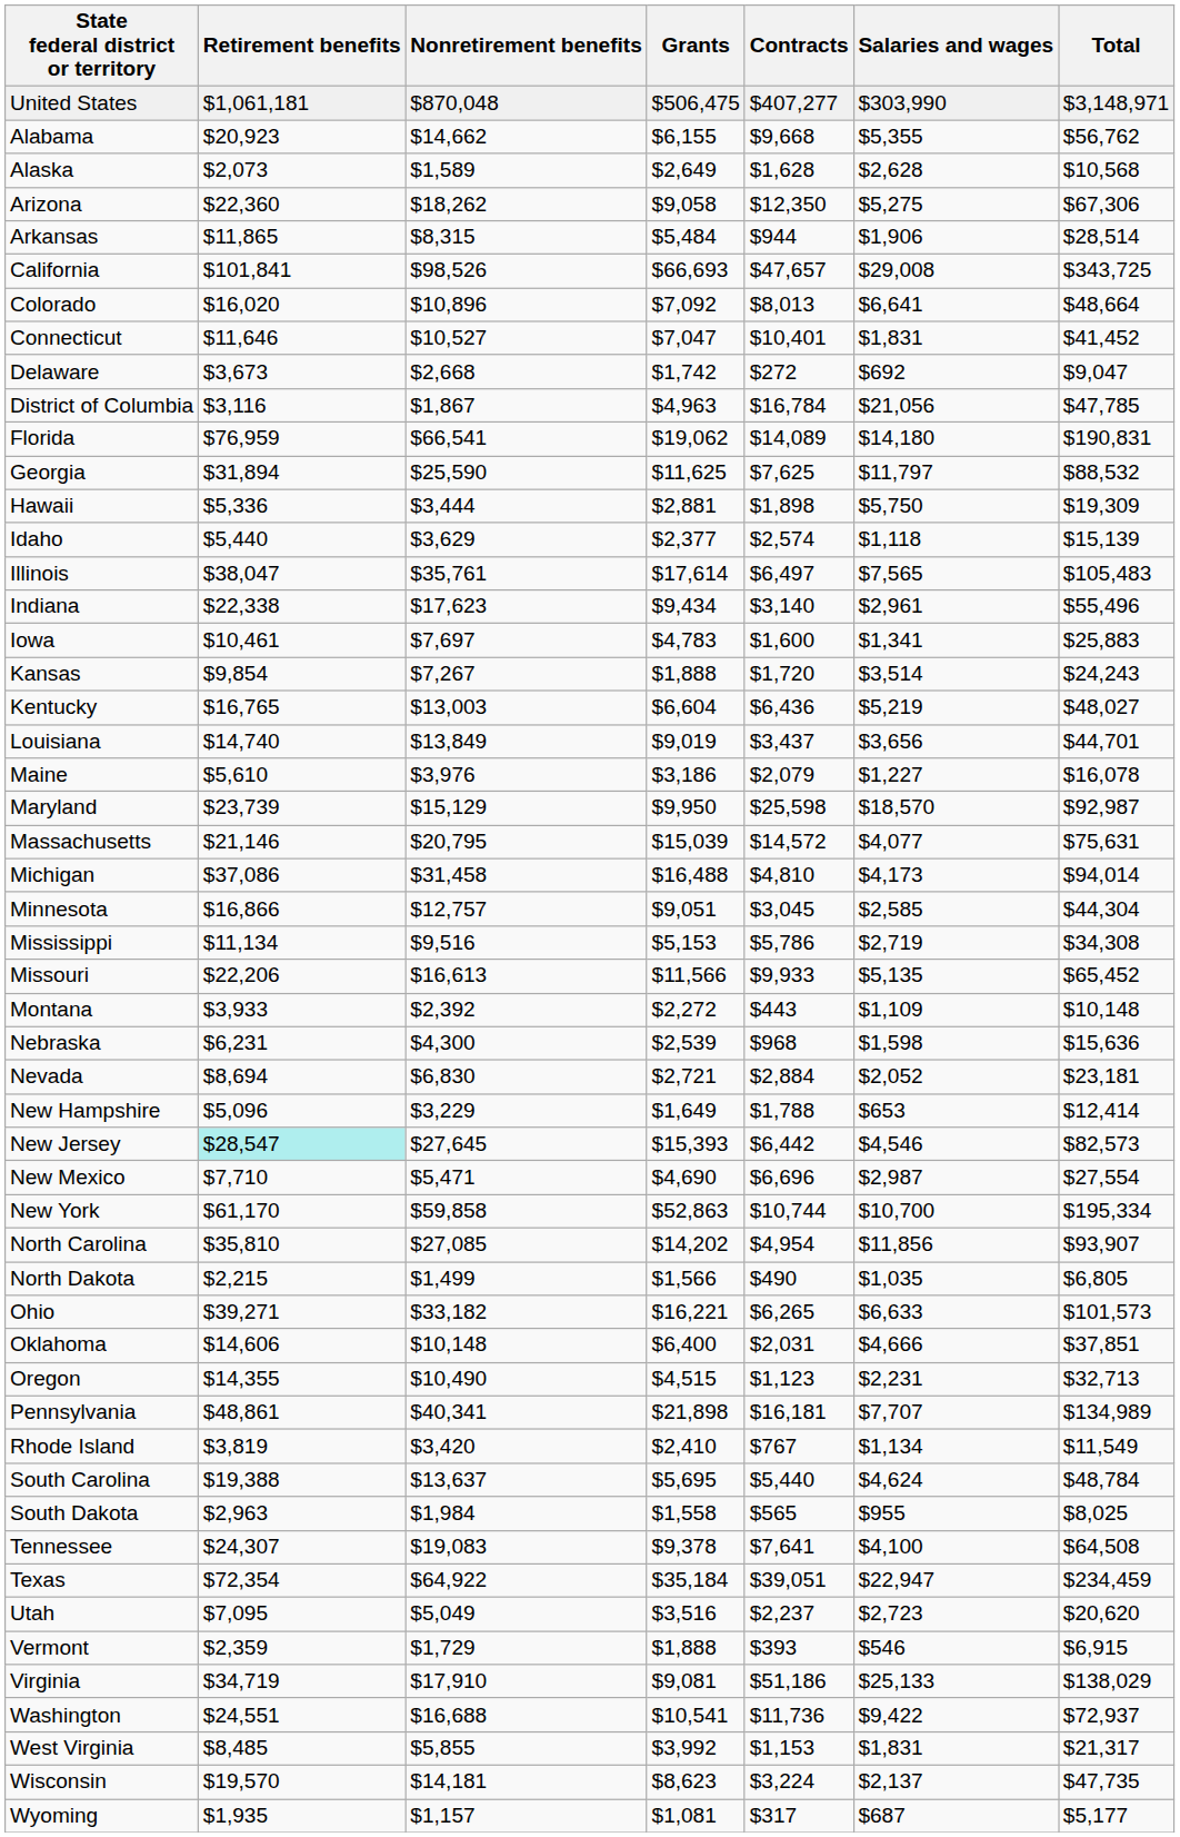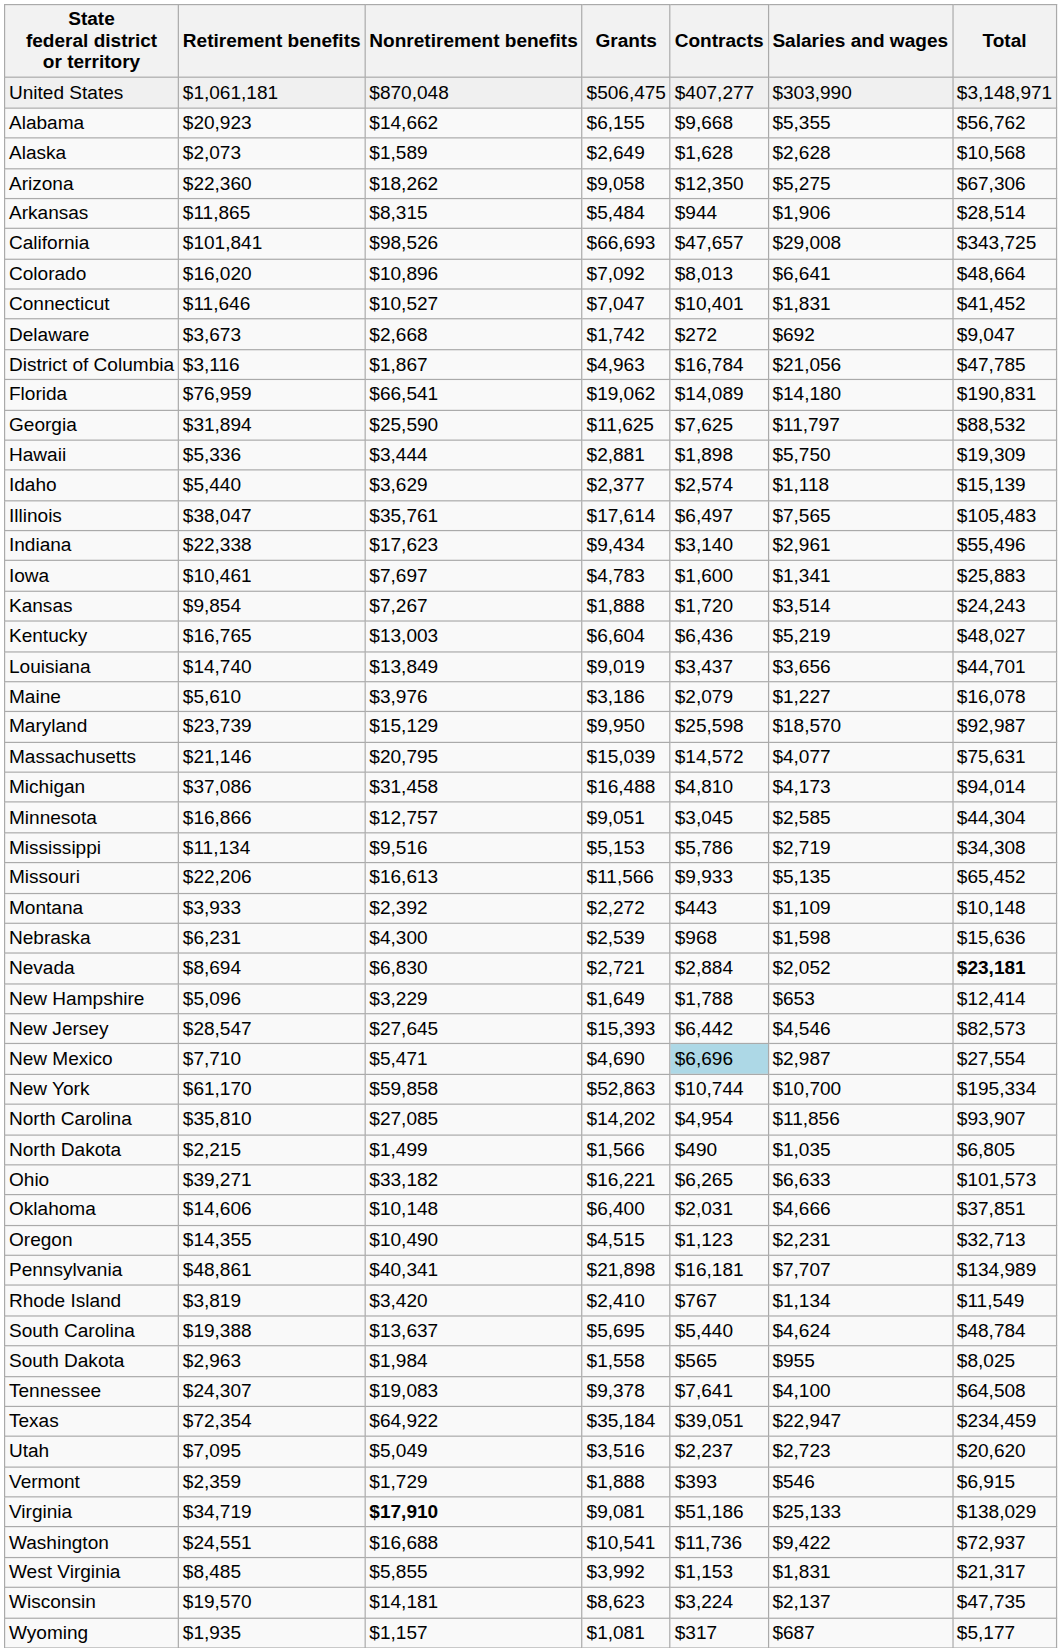 <table class="wikitable sortable">
 <tr>
 <th>State<br>federal district<br> or territory</th>
 <th>Retirement benefits</th>
 <th>Nonretirement benefits</th>
 <th>Grants</th>
 <th>Contracts</th>
 <th>Salaries and wages</th>
 <th>Total</th>
 </tr>
 <tr style="background:#f0f0f0">
 <td>United States</td>
 <td>$1,061,181</td>
 <td>$870,048</td>
 <td>$506,475</td>
 <td>$407,277</td>
 <td>$303,990</td>
 <td>$3,148,971</td>
 </tr>
 <tr>
 <td>Alabama</td>
 <td>$20,923</td>
 <td>$14,662</td>
 <td>$6,155</td>
 <td>$9,668</td>
 <td>$5,355</td>
 <td>$56,762</td>
 </tr>
 <tr>
 <td>Alaska</td>
 <td>$2,073</td>
 <td>$1,589</td>
 <td>$2,649</td>
 <td>$1,628</td>
 <td>$2,628</td>
 <td>$10,568</td>
 </tr>
 <tr>
 <td>Arizona</td>
 <td>$22,360</td>
 <td>$18,262</td>
 <td>$9,058</td>
 <td>$12,350</td>
 <td>$5,275</td>
 <td>$67,306</td>
 </tr>
 <tr>
 <td>Arkansas</td>
 <td>$11,865</td>
 <td>$8,315</td>
 <td>$5,484</td>
 <td>$944</td>
 <td>$1,906</td>
 <td>$28,514</td>
 </tr>
 <tr>
 <td>California</td>
 <td>$101,841</td>
 <td>$98,526</td>
 <td>$66,693</td>
 <td>$47,657</td>
 <td>$29,008</td>
 <td>$343,725</td>
 </tr>
 <tr>
 <td>Colorado</td>
 <td>$16,020</td>
 <td>$10,896</td>
 <td>$7,092</td>
 <td>$8,013</td>
 <td>$6,641</td>
 <td>$48,664</td>
 </tr>
 <tr>
 <td>Connecticut</td>
 <td>$11,646</td>
 <td>$10,527</td>
 <td>$7,047</td>
 <td>$10,401</td>
 <td>$1,831</td>
 <td>$41,452</td>
 </tr>
 <tr>
 <td>Delaware</td>
 <td>$3,673</td>
 <td>$2,668</td>
 <td>$1,742</td>
 <td>$272</td>
 <td>$692</td>
 <td>$9,047</td>
 </tr>
 <tr>
 <td>District of Columbia</td>
 <td>$3,116</td>
 <td>$1,867</td>
 <td>$4,963</td>
 <td>$16,784</td>
 <td>$21,056</td>
 <td>$47,785</td>
 </tr>
 <tr>
 <td>Florida</td>
 <td>$76,959</td>
 <td>$66,541</td>
 <td>$19,062</td>
 <td>$14,089</td>
 <td>$14,180</td>
 <td>$190,831</td>
 </tr>
 <tr>
 <td>Georgia</td>
 <td>$31,894</td>
 <td>$25,590</td>
 <td>$11,625</td>
 <td>$7,625</td>
 <td>$11,797</td>
 <td>$88,532</td>
 </tr>
 <tr>
 <td>Hawaii</td>
 <td>$5,336</td>
 <td>$3,444</td>
 <td>$2,881</td>
 <td>$1,898</td>
 <td>$5,750</td>
 <td>$19,309</td>
 </tr>
 <tr>
 <td>Idaho</td>
 <td>$5,440</td>
 <td>$3,629</td>
 <td>$2,377</td>
 <td>$2,574</td>
 <td>$1,118</td>
 <td>$15,139</td>
 </tr>
 <tr>
 <td>Illinois</td>
 <td>$38,047</td>
 <td>$35,761</td>
 <td>$17,614</td>
 <td>$6,497</td>
 <td>$7,565</td>
 <td>$105,483</td>
 </tr>
 <tr>
 <td>Indiana</td>
 <td>$22,338</td>
 <td>$17,623</td>
 <td>$9,434</td>
 <td>$3,140</td>
 <td>$2,961</td>
 <td>$55,496</td>
 </tr>
 <tr>
 <td>Iowa</td>
 <td>$10,461</td>
 <td>$7,697</td>
 <td>$4,783</td>
 <td>$1,600</td>
 <td>$1,341</td>
 <td>$25,883</td>
 </tr>
 <tr>
 <td>Kansas</td>
 <td>$9,854</td>
 <td>$7,267</td>
 <td>$1,888</td>
 <td>$1,720</td>
 <td>$3,514</td>
 <td>$24,243</td>
 </tr>
 <tr>
 <td>Kentucky</td>
 <td>$16,765</td>
 <td>$13,003</td>
 <td>$6,604</td>
 <td>$6,436</td>
 <td>$5,219</td>
 <td>$48,027</td>
 </tr>
 <tr>
 <td>Louisiana</td>
 <td>$14,740</td>
 <td>$13,849</td>
 <td>$9,019</td>
 <td>$3,437</td>
 <td>$3,656</td>
 <td>$44,701</td>
 </tr>
 <tr>
 <td>Maine</td>
 <td>$5,610</td>
 <td>$3,976</td>
 <td>$3,186</td>
 <td>$2,079</td>
 <td>$1,227</td>
 <td>$16,078</td>
 </tr>
 <tr>
 <td>Maryland</td>
 <td>$23,739</td>
 <td>$15,129</td>
 <td>$9,950</td>
 <td>$25,598</td>
 <td>$18,570</td>
 <td>$92,987</td>
 </tr>
 <tr>
 <td>Massachusetts</td>
 <td>$21,146</td>
 <td>$20,795</td>
 <td>$15,039</td>
 <td>$14,572</td>
 <td>$4,077</td>
 <td>$75,631</td>
 </tr>
 <tr>
 <td>Michigan</td>
 <td>$37,086</td>
 <td>$31,458</td>
 <td>$16,488</td>
 <td>$4,810</td>
 <td>$4,173</td>
 <td>$94,014</td>
 </tr>
 <tr>
 <td>Minnesota</td>
 <td>$16,866</td>
 <td>$12,757</td>
 <td>$9,051</td>
 <td>$3,045</td>
 <td>$2,585</td>
 <td>$44,304</td>
 </tr>
 <tr>
 <td>Mississippi</td>
 <td>$11,134</td>
 <td>$9,516</td>
 <td>$5,153</td>
 <td>$5,786</td>
 <td>$2,719</td>
 <td>$34,308</td>
 </tr>
 <tr>
 <td>Missouri</td>
 <td>$22,206</td>
 <td>$16,613</td>
 <td>$11,566</td>
 <td>$9,933</td>
 <td>$5,135</td>
 <td>$65,452</td>
 </tr>
 <tr>
 <td>Montana</td>
 <td>$3,933</td>
 <td>$2,392</td>
 <td>$2,272</td>
 <td>$443</td>
 <td>$1,109</td>
 <td>$10,148</td>
 </tr>
 <tr>
 <td>Nebraska</td>
 <td>$6,231</td>
 <td>$4,300</td>
 <td>$2,539</td>
 <td>$968</td>
 <td>$1,598</td>
 <td>$15,636</td>
 </tr>
 <tr>
 <td>Nevada</td>
 <td>$8,694</td>
 <td>$6,830</td>
 <td>$2,721</td>
 <td>$2,884</td>
 <td>$2,052</td>
-<td>$23,181</td>
+<td><strong>$23,181</strong></td>
 </tr>
 <tr>
 <td>New Hampshire</td>
 <td>$5,096</td>
 <td>$3,229</td>
 <td>$1,649</td>
 <td>$1,788</td>
 <td>$653</td>
 <td>$12,414</td>
 </tr>
 <tr>
 <td>New Jersey</td>
-<td style="background: paleturquoise;">$28,547</td>
+<td>$28,547</td>
 <td>$27,645</td>
 <td>$15,393</td>
 <td>$6,442</td>
 <td>$4,546</td>
 <td>$82,573</td>
 </tr>
 <tr>
 <td>New Mexico</td>
 <td>$7,710</td>
 <td>$5,471</td>
 <td>$4,690</td>
-<td>$6,696</td>
+<td style="background: lightblue;">$6,696</td>
 <td>$2,987</td>
 <td>$27,554</td>
 </tr>
 <tr>
 <td>New York</td>
 <td>$61,170</td>
 <td>$59,858</td>
 <td>$52,863</td>
 <td>$10,744</td>
 <td>$10,700</td>
 <td>$195,334</td>
 </tr>
 <tr>
 <td>North Carolina</td>
 <td>$35,810</td>
 <td>$27,085</td>
 <td>$14,202</td>
 <td>$4,954</td>
 <td>$11,856</td>
 <td>$93,907</td>
 </tr>
 <tr>
 <td>North Dakota</td>
 <td>$2,215</td>
 <td>$1,499</td>
 <td>$1,566</td>
 <td>$490</td>
 <td>$1,035</td>
 <td>$6,805</td>
 </tr>
 <tr>
 <td>Ohio</td>
 <td>$39,271</td>
 <td>$33,182</td>
 <td>$16,221</td>
 <td>$6,265</td>
 <td>$6,633</td>
 <td>$101,573</td>
 </tr>
 <tr>
 <td>Oklahoma</td>
 <td>$14,606</td>
 <td>$10,148</td>
 <td>$6,400</td>
 <td>$2,031</td>
 <td>$4,666</td>
 <td>$37,851</td>
 </tr>
 <tr>
 <td>Oregon</td>
 <td>$14,355</td>
 <td>$10,490</td>
 <td>$4,515</td>
 <td>$1,123</td>
 <td>$2,231</td>
 <td>$32,713</td>
 </tr>
 <tr>
 <td>Pennsylvania</td>
 <td>$48,861</td>
 <td>$40,341</td>
 <td>$21,898</td>
 <td>$16,181</td>
 <td>$7,707</td>
 <td>$134,989</td>
 </tr>
 <tr>
 <td>Rhode Island</td>
 <td>$3,819</td>
 <td>$3,420</td>
 <td>$2,410</td>
 <td>$767</td>
 <td>$1,134</td>
 <td>$11,549</td>
 </tr>
 <tr>
 <td>South Carolina</td>
 <td>$19,388</td>
 <td>$13,637</td>
 <td>$5,695</td>
 <td>$5,440</td>
 <td>$4,624</td>
 <td>$48,784</td>
 </tr>
 <tr>
 <td>South Dakota</td>
 <td>$2,963</td>
 <td>$1,984</td>
 <td>$1,558</td>
 <td>$565</td>
 <td>$955</td>
 <td>$8,025</td>
 </tr>
 <tr>
 <td>Tennessee</td>
 <td>$24,307</td>
 <td>$19,083</td>
 <td>$9,378</td>
 <td>$7,641</td>
 <td>$4,100</td>
 <td>$64,508</td>
 </tr>
 <tr>
 <td>Texas</td>
 <td>$72,354</td>
 <td>$64,922</td>
 <td>$35,184</td>
 <td>$39,051</td>
 <td>$22,947</td>
 <td>$234,459</td>
 </tr>
 <tr>
 <td>Utah</td>
 <td>$7,095</td>
 <td>$5,049</td>
 <td>$3,516</td>
 <td>$2,237</td>
 <td>$2,723</td>
 <td>$20,620</td>
 </tr>
 <tr>
 <td>Vermont</td>
 <td>$2,359</td>
 <td>$1,729</td>
 <td>$1,888</td>
 <td>$393</td>
 <td>$546</td>
 <td>$6,915</td>
 </tr>
 <tr>
 <td>Virginia</td>
 <td>$34,719</td>
-<td>$17,910</td>
+<td><strong>$17,910</strong></td>
 <td>$9,081</td>
 <td>$51,186</td>
 <td>$25,133</td>
 <td>$138,029</td>
 </tr>
 <tr>
 <td>Washington</td>
 <td>$24,551</td>
 <td>$16,688</td>
 <td>$10,541</td>
 <td>$11,736</td>
 <td>$9,422</td>
 <td>$72,937</td>
 </tr>
 <tr>
 <td>West Virginia</td>
 <td>$8,485</td>
 <td>$5,855</td>
 <td>$3,992</td>
 <td>$1,153</td>
 <td>$1,831</td>
 <td>$21,317</td>
 </tr>
 <tr>
 <td>Wisconsin</td>
 <td>$19,570</td>
 <td>$14,181</td>
 <td>$8,623</td>
 <td>$3,224</td>
 <td>$2,137</td>
 <td>$47,735</td>
 </tr>
 <tr>
 <td>Wyoming</td>
 <td>$1,935</td>
 <td>$1,157</td>
 <td>$1,081</td>
 <td>$317</td>
 <td>$687</td>
 <td>$5,177</td>
 </tr>
 </table>
